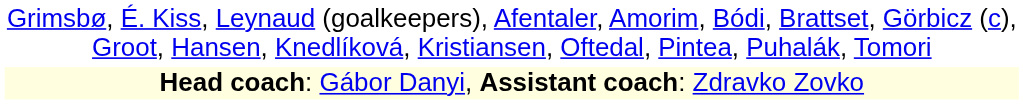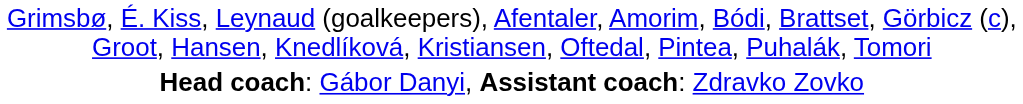 <table style="text-align: center; margin-top: 1em; margin-left: auto; margin-right: auto">
 <tr>
 <td><a href='#'>Grimsbø</a>, <a href='#'>É. Kiss</a>, <a href='#'>Leynaud</a> (goalkeepers), <a href='#'>Afentaler</a>, <a href='#'>Amorim</a>, <a href='#'>Bódi</a>, <a href='#'>Brattset</a>, <a href='#'>Görbicz</a> (<a href='#'>c</a>), <br><a href='#'>Groot</a>, <a href='#'>Hansen</a>, <a href='#'>Knedlíková</a>, <a href='#'>Kristiansen</a>, <a href='#'>Oftedal</a>, <a href='#'>Pintea</a>, <a href='#'>Puhalák</a>, <a href='#'>Tomori</a></td>
 </tr>
 <tr>
-<td style="background: lightyellow;"><strong>Head coach</strong>: <a href='#'>Gábor Danyi</a>, <strong>Assistant coach</strong>: <a href='#'>Zdravko Zovko</a></td>
+<td><strong>Head coach</strong>: <a href='#'>Gábor Danyi</a>, <strong>Assistant coach</strong>: <a href='#'>Zdravko Zovko</a></td>
 </tr>
 </table>
